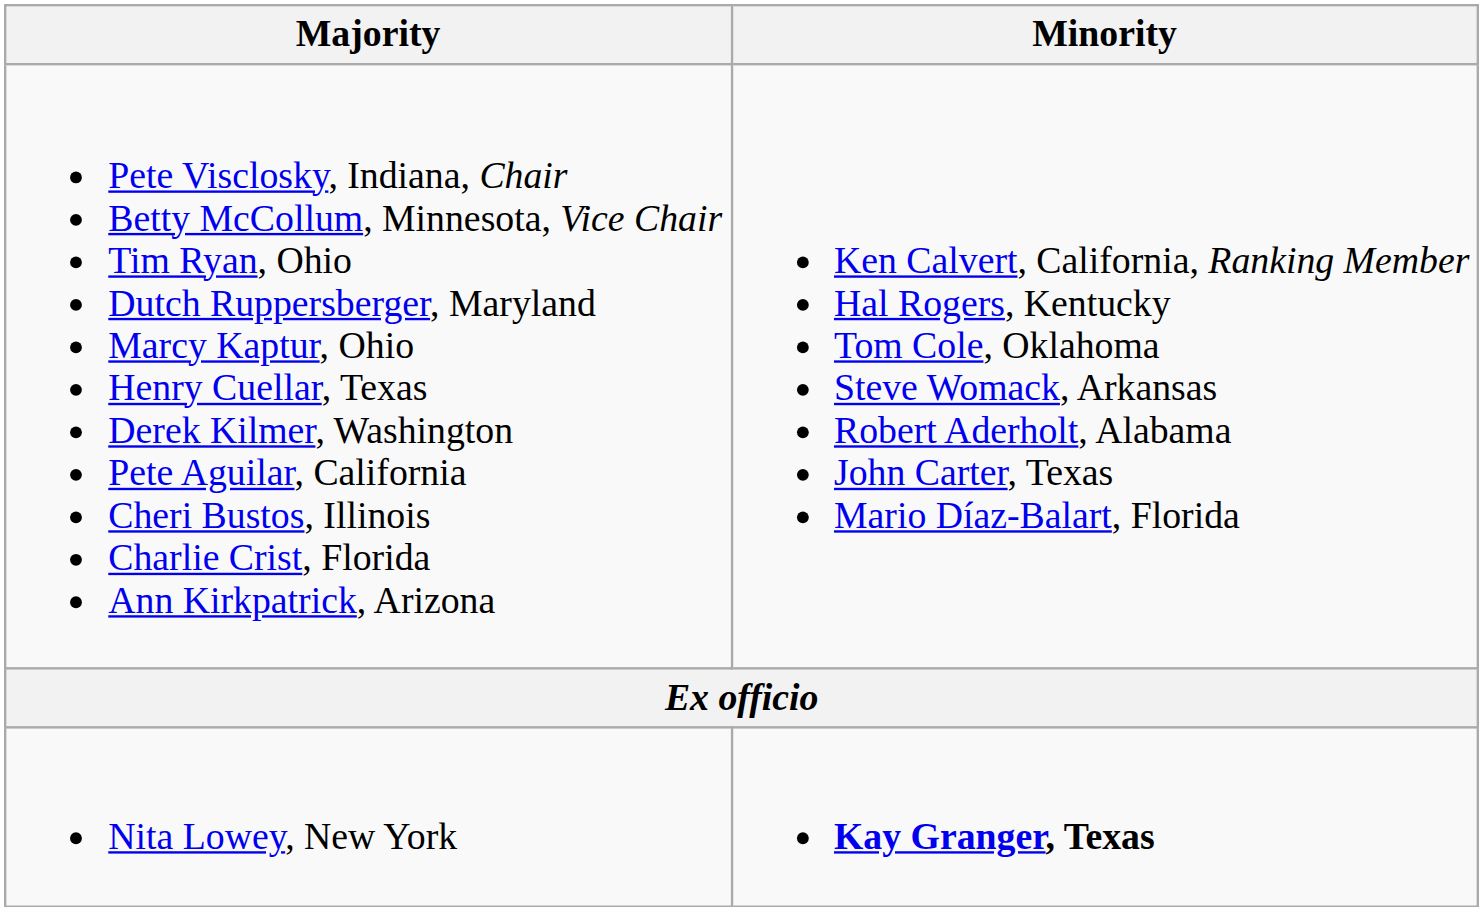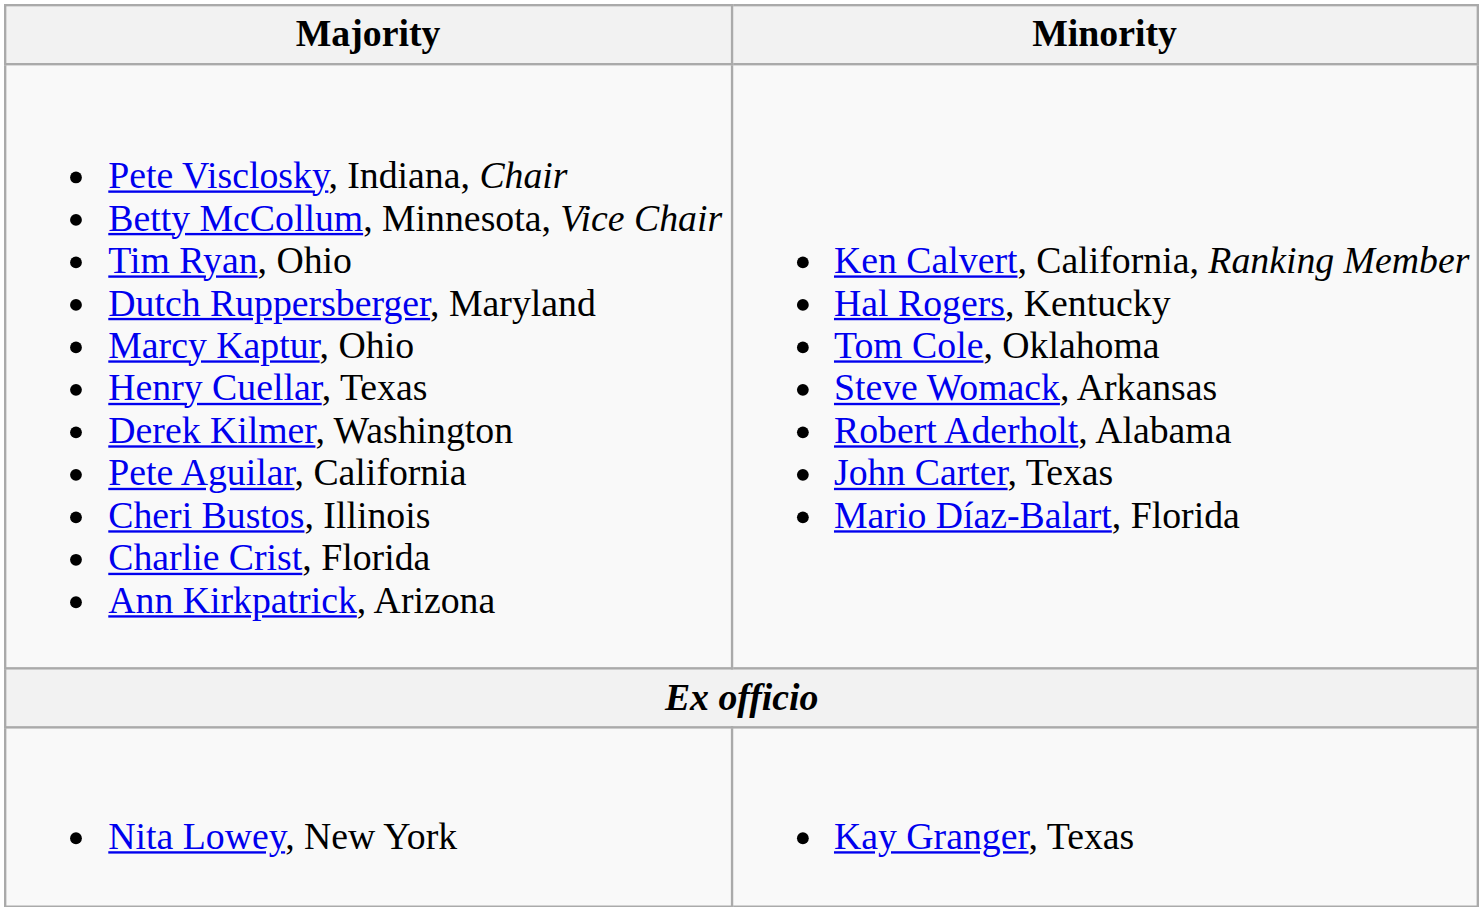 <table class=wikitable>
 <tr>
 <th>Majority</th>
 <th>Minority</th>
 </tr>
 <tr>
 <td><br><ul><li><a href='#'>Pete Visclosky</a>, Indiana, <em>Chair</em></li><li><a href='#'>Betty McCollum</a>, Minnesota, <em>Vice Chair</em></li><li><a href='#'>Tim Ryan</a>, Ohio</li><li><a href='#'>Dutch Ruppersberger</a>, Maryland</li><li><a href='#'>Marcy Kaptur</a>, Ohio</li><li><a href='#'>Henry Cuellar</a>, Texas</li><li><a href='#'>Derek Kilmer</a>, Washington</li><li><a href='#'>Pete Aguilar</a>, California</li><li><a href='#'>Cheri Bustos</a>, Illinois</li><li><a href='#'>Charlie Crist</a>, Florida</li><li><a href='#'>Ann Kirkpatrick</a>, Arizona</li></ul></td>
 <td><br><ul><li><a href='#'>Ken Calvert</a>, California, <em>Ranking Member</em></li><li><a href='#'>Hal Rogers</a>, Kentucky</li><li><a href='#'>Tom Cole</a>, Oklahoma</li><li><a href='#'>Steve Womack</a>, Arkansas</li><li><a href='#'>Robert Aderholt</a>, Alabama</li><li><a href='#'>John Carter</a>, Texas</li><li><a href='#'>Mario Díaz-Balart</a>, Florida</li></ul></td>
 </tr>
 <tr>
 <th colspan=2><em>Ex officio</em></th>
 </tr>
 <tr>
 <td><br><ul><li><a href='#'>Nita Lowey</a>, New York</li></ul></td>
-<td><strong><br><ul><li><a href='#'>Kay Granger</a>, Texas</li></ul></strong></td>
+<td><br><ul><li><a href='#'>Kay Granger</a>, Texas</li></ul></td>
 </tr>
 </table>
